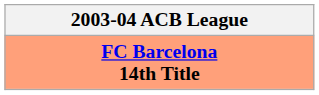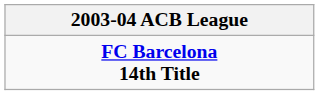 <table class="wikitable" style="margin: 0 auto; width: 20%;">
 <tr>
 <th>2003-04 ACB League</th>
 </tr>
 <tr>
-<td align=center style="background: lightsalmon;"><strong><a href='#'>FC Barcelona</a></strong><br><strong>14th Title</strong></td>
+<td align=center><strong><a href='#'>FC Barcelona</a></strong><br><strong>14th Title</strong></td>
 </tr>
 </table>
